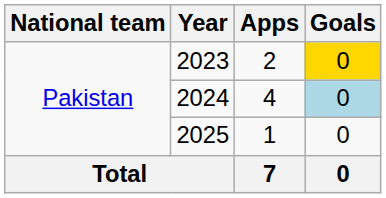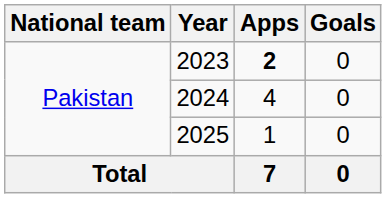 <table class="wikitable" style="text-align: center;">
 <tr>
 <th>National team</th>
 <th>Year</th>
 <th>Apps</th>
 <th>Goals</th>
 </tr>
 <tr>
 <td rowspan="3"><a href='#'>Pakistan</a></td>
 <td>2023</td>
-<td>2</td>
-<td style="background: gold;">0</td>
+<td><strong>2</strong></td>
+<td>0</td>
 </tr>
 <tr>
 <td>2024</td>
 <td>4</td>
-<td style="background: lightblue;">0</td>
+<td>0</td>
 </tr>
 <tr>
 <td>2025</td>
 <td>1</td>
 <td>0</td>
 </tr>
 <tr>
 <th colspan="2">Total</th>
 <th>7</th>
 <th>0</th>
 </tr>
 </table>
